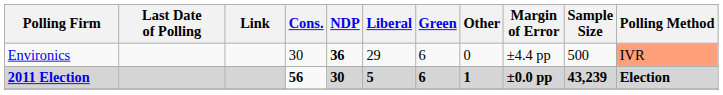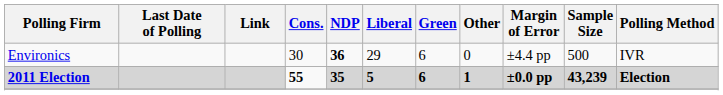 <table class="wikitable sortable">
 <tr style="background:#e9e9e9;">
 <th style="width:120px">Polling Firm</th>
 <th style="width:110px">Last Date<br>of Polling</th>
 <th style="width:60px" class="unsortable">Link</th>
 <th style="background-color:"><strong><a href='#'>Cons.</a></strong></th>
 <th style="background-color:"><strong><a href='#'>NDP</a></strong></th>
 <th style="background-color:"><strong><a href='#'>Liberal</a></strong></th>
 <th style="background-color:"><strong><a href='#'>Green</a></strong></th>
 <th style="background-color:"><strong>Other</strong></th>
 <th style="width:60px;" class=unsortable>Margin<br>of Error</th>
 <th style="width:50px;" class=unsortable>Sample<br>Size</th>
 <th class=unsortable>Polling Method</th>
 </tr>
 <tr>
 <td><a href='#'>Environics</a></td>
 <td></td>
 <td></td>
 <td>30</td>
 <td><strong>36</strong></td>
 <td>29</td>
 <td>6</td>
 <td>0</td>
 <td>±4.4 pp</td>
 <td>500</td>
-<td style="background: lightsalmon;">IVR</td>
+<td>IVR</td>
 </tr>
 <tr>
 <td style="background:#D5D5D5"><strong><a href='#'>2011 Election</a></strong></td>
 <td style="background:#D5D5D5"><strong></strong></td>
 <td style="background:#D5D5D5"></td>
-<td><strong>56</strong></td>
-<td style="background:#D5D5D5"><strong>30</strong></td>
+<td><strong>55</strong></td>
+<td style="background:#D5D5D5"><strong>35</strong></td>
 <td style="background:#D5D5D5"><strong>5</strong></td>
 <td style="background:#D5D5D5"><strong>6</strong></td>
 <td style="background:#D5D5D5"><strong>1</strong></td>
 <td style="background:#D5D5D5"><strong>±0.0 pp</strong></td>
 <td style="background:#D5D5D5"><strong>43,239</strong></td>
 <td style="background:#D5D5D5"><strong>Election</strong></td>
 </tr>
 <tr>
 </tr>
 <tr>
 </tr>
 </table>
